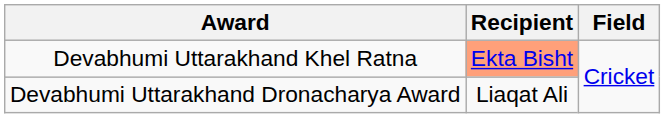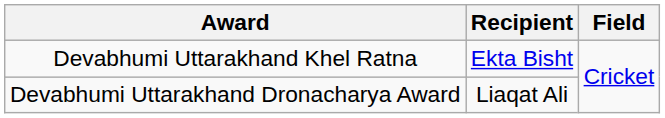 <table class="wikitable sortable" style="text-align:center">
 <tr>
 <th>Award</th>
 <th>Recipient</th>
 <th>Field</th>
 </tr>
 <tr>
 <td>Devabhumi Uttarakhand Khel Ratna</td>
-<td style="background: lightsalmon;"><a href='#'>Ekta Bisht</a></td>
+<td><a href='#'>Ekta Bisht</a></td>
 <td rowspan="2"><a href='#'>Cricket</a></td>
 </tr>
 <tr>
 <td>Devabhumi Uttarakhand Dronacharya Award</td>
 <td>Liaqat Ali</td>
 </tr>
 </table>
